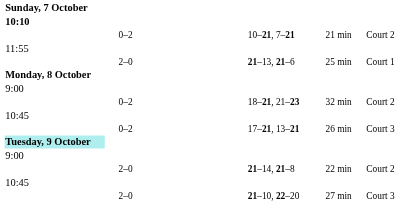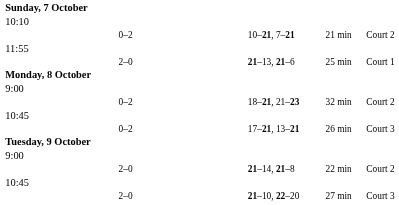 <table style="width:100%;" cellspacing="1">
 <tr>
 <th width=25%></th>
 <th width=10%></th>
 <th width=25%></th>
 </tr>
 <tr>
 <td><strong>Sunday, 7 October</strong></td>
 </tr>
 <tr>
-<td><strong>10:10</strong></td>
+<td>10:10</td>
 </tr>
 <tr style=font-size:90%>
 <td align=right></td>
 <td align=center>0–2</td>
 <td><strong></strong></td>
 <td>10–<strong>21</strong>, 7–<strong>21</strong></td>
 <td>21 min</td>
 <td>Court 2</td>
 </tr>
 <tr>
 <td>11:55</td>
 </tr>
 <tr style=font-size:90%>
 <td align=right><strong></strong></td>
 <td align=center>2–0</td>
 <td></td>
 <td><strong>21</strong>–13, <strong>21</strong>–6</td>
 <td>25 min</td>
 <td>Court 1</td>
 </tr>
 <tr>
 <td><strong>Monday, 8 October</strong></td>
 </tr>
 <tr>
 <td>9:00</td>
 </tr>
 <tr style=font-size:90%>
 <td align=right></td>
 <td align=center>0–2</td>
 <td><strong></strong></td>
 <td>18–<strong>21</strong>, 21–<strong>23</strong></td>
 <td>32 min</td>
 <td>Court 2</td>
 </tr>
 <tr>
 <td>10:45</td>
 </tr>
 <tr style=font-size:90%>
 <td align=right></td>
 <td align=center>0–2</td>
 <td><strong></strong></td>
 <td>17–<strong>21</strong>, 13–<strong>21</strong></td>
 <td>26 min</td>
 <td>Court 3</td>
 </tr>
 <tr>
-<td style="background: paleturquoise;"><strong>Tuesday, 9 October</strong></td>
+<td><strong>Tuesday, 9 October</strong></td>
 </tr>
 <tr>
 <td>9:00</td>
 </tr>
 <tr style=font-size:90%>
 <td align=right><strong></strong></td>
 <td align=center>2–0</td>
 <td></td>
 <td><strong>21</strong>–14, <strong>21</strong>–8</td>
 <td>22 min</td>
 <td>Court 2</td>
 </tr>
 <tr>
 <td>10:45</td>
 </tr>
 <tr style=font-size:90%>
 <td align=right><strong></strong></td>
 <td align=center>2–0</td>
 <td></td>
 <td><strong>21</strong>–10, <strong>22</strong>–20</td>
 <td>27 min</td>
 <td>Court 3</td>
 </tr>
 </table>
